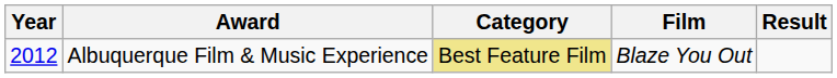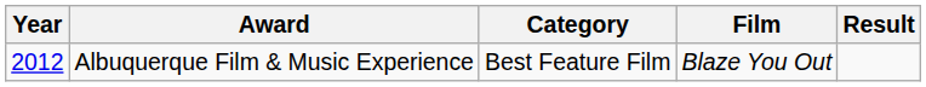 <table class="wikitable" style="font-size: 90%;">
 <tr>
 <th>Year</th>
 <th>Award</th>
 <th>Category</th>
 <th>Film</th>
 <th>Result</th>
 </tr>
 <tr>
 <td rowspan="2"><a href='#'>2012</a></td>
 <td>Albuquerque Film & Music Experience</td>
-<td style="background: khaki;">Best Feature Film</td>
+<td>Best Feature Film</td>
 <td rowspan="8"><em>Blaze You Out</em></td>
 <td></td>
 </tr>
 </table>
